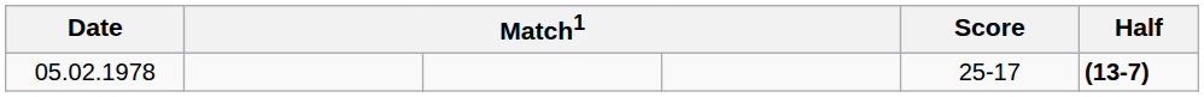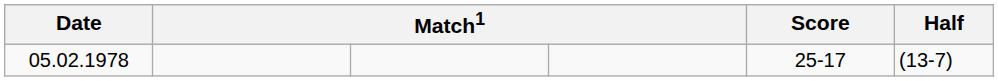 <table width=750 class="wikitable">
 <tr bgcolor="lightsteelblue">
 <th width=15%>Date</th>
 <th width=60% colspan=3>Match<sup>1</sup></th>
 <th width=15%>Score</th>
 <th>Half</th>
 </tr>
 <tr style=font-size:95%>
 <td align=center>05.02.1978</td>
 <td align=center></td>
 <td></td>
 <td></td>
 <td align=center>25-17</td>
-<td><strong>(13-7)</strong></td>
+<td>(13-7)</td>
 </tr>
 </table>
